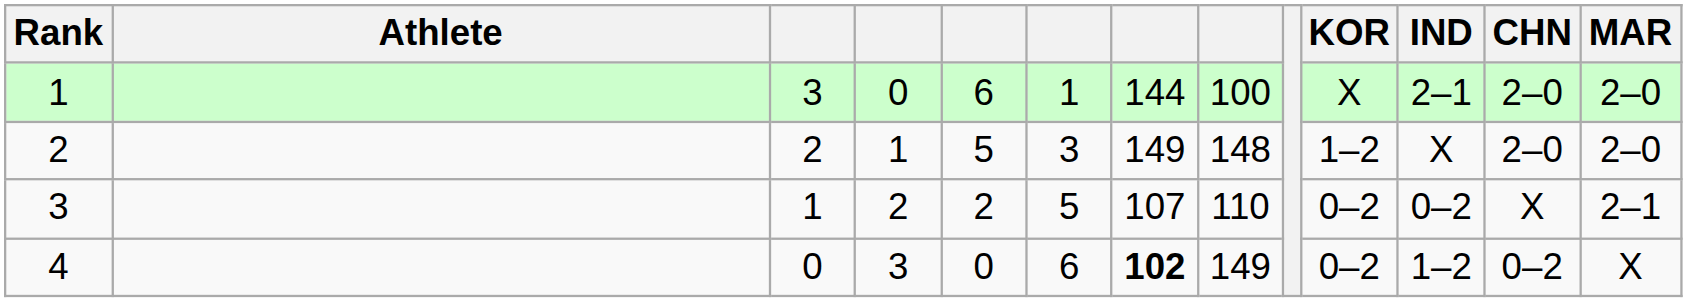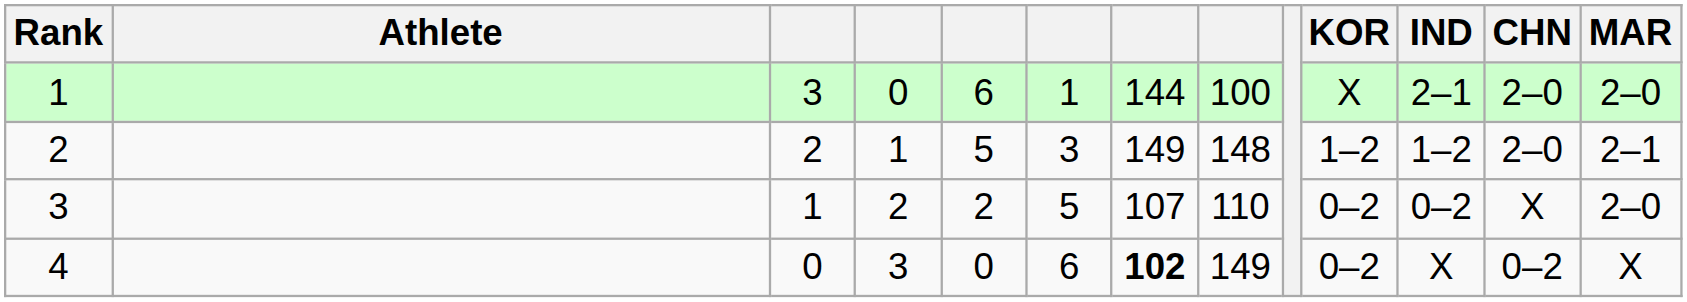 <table class="wikitable" style="text-align:center">
 <tr>
 <th>Rank</th>
 <th width=280>Athlete</th>
 <th width=30></th>
 <th width=30></th>
 <th width=30></th>
 <th width=30></th>
 <th width=30></th>
 <th width=30></th>
 <th rowspan=5></th>
 <th width=30>KOR</th>
 <th width=30>IND</th>
 <th width=30>CHN</th>
 <th width=30>MAR</th>
 </tr>
 <tr style="background-color:#ccffcc;">
 <td>1</td>
 <td align=left></td>
 <td>3</td>
 <td>0</td>
 <td>6</td>
 <td>1</td>
 <td>144</td>
 <td>100</td>
 <td>X</td>
 <td>2–1</td>
 <td>2–0</td>
 <td>2–0</td>
 </tr>
 <tr>
 <td>2</td>
 <td align=left></td>
 <td>2</td>
 <td>1</td>
 <td>5</td>
 <td>3</td>
 <td>149</td>
 <td>148</td>
 <td>1–2</td>
-<td>X</td>
+<td>1–2</td>
 <td>2–0</td>
-<td>2–0</td>
+<td>2–1</td>
 </tr>
 <tr>
 <td>3</td>
 <td align=left></td>
 <td>1</td>
 <td>2</td>
 <td>2</td>
 <td>5</td>
 <td>107</td>
 <td>110</td>
 <td>0–2</td>
 <td>0–2</td>
 <td>X</td>
-<td>2–1</td>
+<td>2–0</td>
 </tr>
 <tr>
 <td>4</td>
 <td align=left></td>
 <td>0</td>
 <td>3</td>
 <td>0</td>
 <td>6</td>
 <td><strong>102</strong></td>
 <td>149</td>
 <td>0–2</td>
-<td>1–2</td>
+<td>X</td>
 <td>0–2</td>
 <td>X</td>
 </tr>
 </table>
